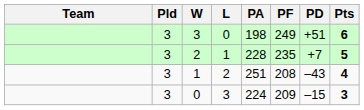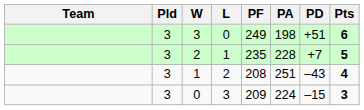 <table class=wikitable style="text-align:center">
 <tr>
 <th width=180>Team</th>
 <th width=30>Pld</th>
 <th width=30>W</th>
 <th width=30>L</th>
+<th width=30>PF</th>
 <th width=30>PA</th>
-<th width=30>PF</th>
 <th width=30>PD</th>
 <th width=30>Pts</th>
 </tr>
 <tr bgcolor="#ccffcc">
 <td align="left"></td>
 <td>3</td>
 <td>3</td>
 <td>0</td>
+<td>249</td>
 <td>198</td>
-<td>249</td>
 <td>+51</td>
 <td><strong>6</strong></td>
 </tr>
 <tr bgcolor="#ccffcc">
 <td align="left"></td>
 <td>3</td>
 <td>2</td>
 <td>1</td>
+<td>235</td>
 <td>228</td>
-<td>235</td>
 <td>+7</td>
 <td><strong>5</strong></td>
 </tr>
 <tr>
 <td align="left"></td>
 <td>3</td>
 <td>1</td>
 <td>2</td>
+<td>208</td>
 <td>251</td>
-<td>208</td>
 <td>–43</td>
 <td><strong>4</strong></td>
 </tr>
 <tr>
 <td align="left"></td>
 <td>3</td>
 <td>0</td>
 <td>3</td>
+<td>209</td>
 <td>224</td>
-<td>209</td>
 <td>–15</td>
 <td><strong>3</strong></td>
 </tr>
 </table>
